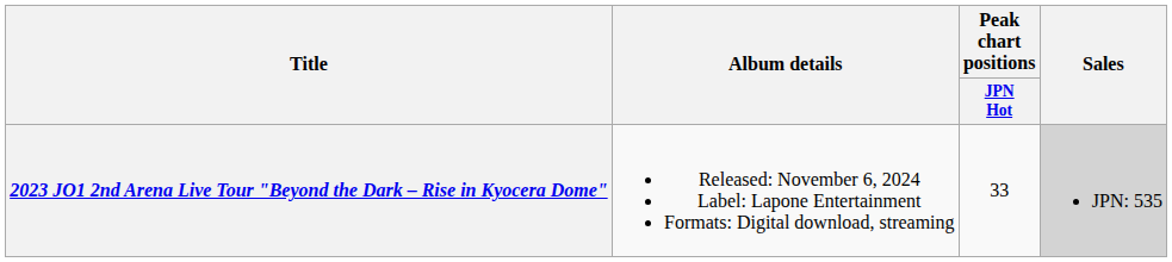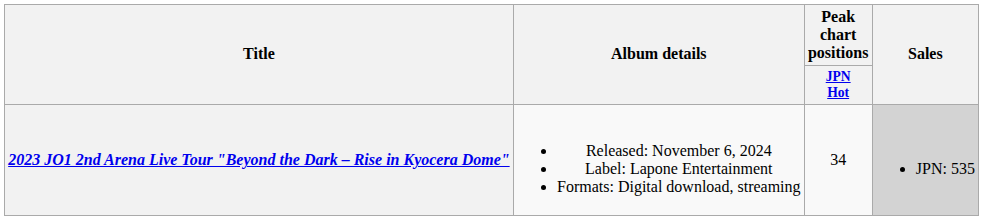 <table class="wikitable plainrowheaders" style="text-align:center;">
 <tr>
 <th scope="col" rowspan=2>Title</th>
 <th scope="col" rowspan=2>Album details</th>
 <th scope="col">Peak chart positions</th>
 <th scope="col" rowspan="2">Sales</th>
 </tr>
 <tr>
 <th scope="col" style="width:2.75em;font-size:85%;"><a href='#'>JPN<br>Hot</a><br></th>
 </tr>
 <tr>
 <th scope="row"><em><a href='#'>2023 JO1 2nd Arena Live Tour "Beyond the Dark – Rise in Kyocera Dome"</a></em></th>
 <td><br><ul><li>Released: November 6, 2024 </li><li>Label: Lapone Entertainment</li><li>Formats: Digital download, streaming</li></ul></td>
-<td>33</td>
+<td>34</td>
 <td style="background: lightgrey;"><br><ul><li>JPN: 535</li></ul></td>
 </tr>
 </table>
